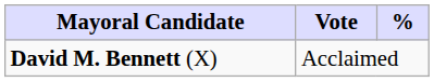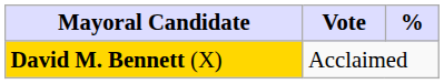 <table class="wikitable">
 <tr>
 <th style="background:#ddf; width:200px;">Mayoral Candidate</th>
 <th style="background:#ddf; width:50px;">Vote</th>
 <th style="background:#ddf; width:30px;">%</th>
 </tr>
 <tr>
-<td><strong>David M. Bennett</strong> (X)</td>
+<td style="background: gold;"><strong>David M. Bennett</strong> (X)</td>
 <td colspan="2">Acclaimed</td>
 </tr>
 </table>
